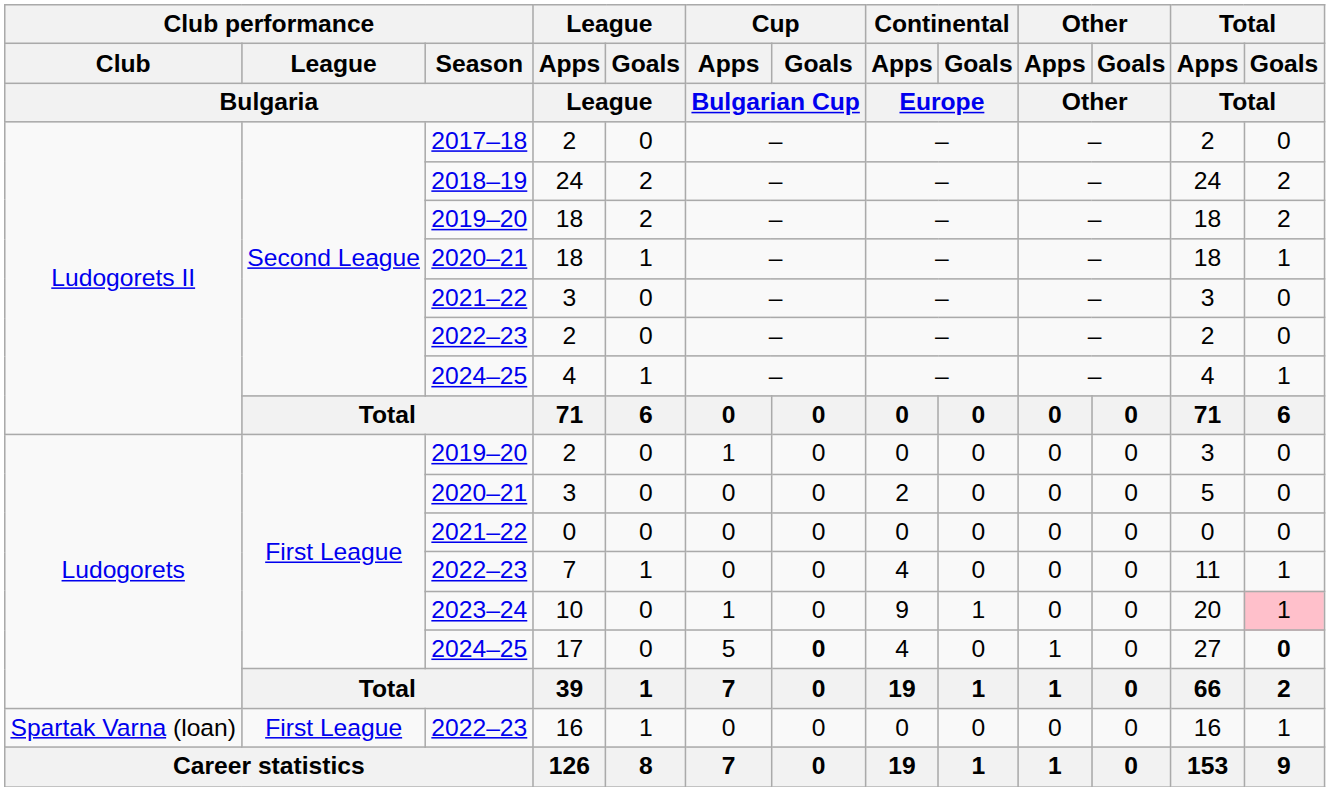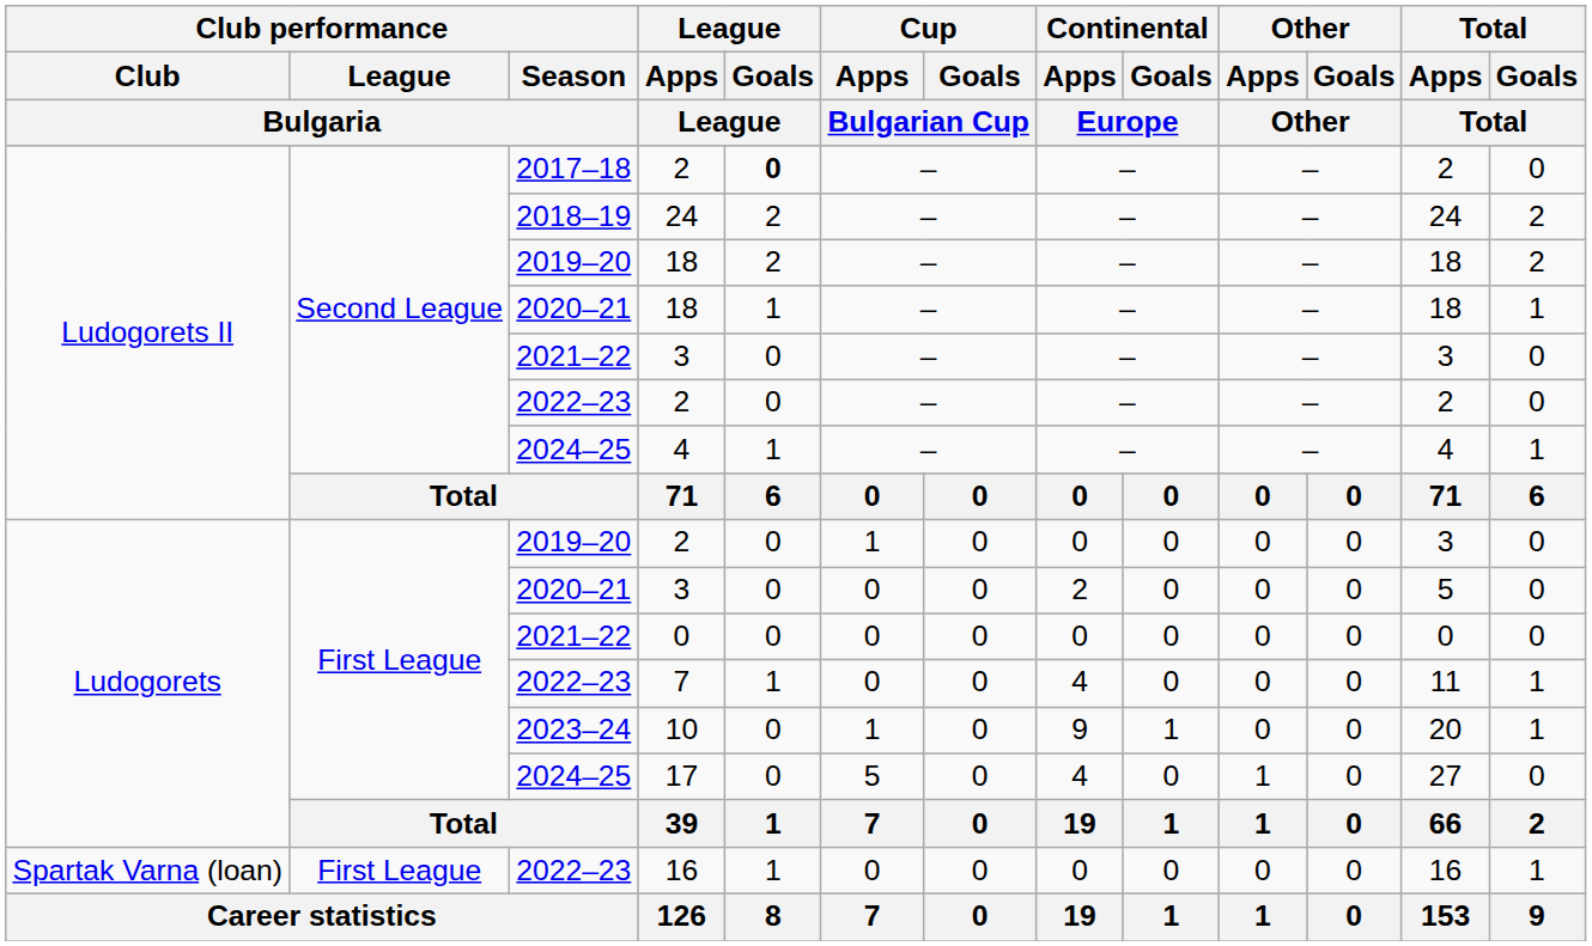 <table class="wikitable" style="text-align: center">
 <tr>
 <th colspan="3">Club performance</th>
 <th colspan="2">League</th>
 <th colspan="2">Cup</th>
 <th colspan="2">Continental</th>
 <th colspan="2">Other</th>
 <th colspan="3">Total</th>
 </tr>
 <tr>
 <th>Club</th>
 <th>League</th>
 <th>Season</th>
 <th>Apps</th>
 <th>Goals</th>
 <th>Apps</th>
 <th>Goals</th>
 <th>Apps</th>
 <th>Goals</th>
 <th>Apps</th>
 <th>Goals</th>
 <th>Apps</th>
 <th>Goals</th>
 </tr>
 <tr>
 <th colspan="3">Bulgaria</th>
 <th colspan="2">League</th>
 <th colspan="2"><a href='#'>Bulgarian Cup</a></th>
 <th colspan="2"><a href='#'>Europe</a></th>
 <th colspan="2">Other</th>
 <th colspan="2">Total</th>
 </tr>
 <tr>
 <td rowspan="8" valign="center"><a href='#'>Ludogorets II</a></td>
 <td rowspan="7"><a href='#'>Second League</a></td>
 <td><a href='#'>2017–18</a></td>
 <td>2</td>
-<td>0</td>
+<td><strong>0</strong></td>
 <td colspan="2">–</td>
 <td colspan="2">–</td>
 <td colspan="2">–</td>
 <td>2</td>
 <td>0</td>
 </tr>
 <tr>
 <td><a href='#'>2018–19</a></td>
 <td>24</td>
 <td>2</td>
 <td colspan="2">–</td>
 <td colspan="2">–</td>
 <td colspan="2">–</td>
 <td>24</td>
 <td>2</td>
 </tr>
 <tr>
 <td><a href='#'>2019–20</a></td>
 <td>18</td>
 <td>2</td>
 <td colspan="2">–</td>
 <td colspan="2">–</td>
 <td colspan="2">–</td>
 <td>18</td>
 <td>2</td>
 </tr>
 <tr>
 <td><a href='#'>2020–21</a></td>
 <td>18</td>
 <td>1</td>
 <td colspan="2">–</td>
 <td colspan="2">–</td>
 <td colspan="2">–</td>
 <td>18</td>
 <td>1</td>
 </tr>
 <tr>
 <td><a href='#'>2021–22</a></td>
 <td>3</td>
 <td>0</td>
 <td colspan="2">–</td>
 <td colspan="2">–</td>
 <td colspan="2">–</td>
 <td>3</td>
 <td>0</td>
 </tr>
 <tr>
 <td><a href='#'>2022–23</a></td>
 <td>2</td>
 <td>0</td>
 <td colspan="2">–</td>
 <td colspan="2">–</td>
 <td colspan="2">–</td>
 <td>2</td>
 <td>0</td>
 </tr>
 <tr>
 <td><a href='#'>2024–25</a></td>
 <td>4</td>
 <td>1</td>
 <td colspan="2">–</td>
 <td colspan="2">–</td>
 <td colspan="2">–</td>
 <td>4</td>
 <td>1</td>
 </tr>
 <tr>
 <th colspan=2>Total</th>
 <th>71</th>
 <th>6</th>
 <th>0</th>
 <th>0</th>
 <th>0</th>
 <th>0</th>
 <th>0</th>
 <th>0</th>
 <th>71</th>
 <th>6</th>
 </tr>
 <tr>
 <td rowspan="7" valign="center"><a href='#'>Ludogorets</a></td>
 <td rowspan="6"><a href='#'>First League</a></td>
 <td><a href='#'>2019–20</a></td>
 <td>2</td>
 <td>0</td>
 <td>1</td>
 <td>0</td>
 <td>0</td>
 <td>0</td>
 <td>0</td>
 <td>0</td>
 <td>3</td>
 <td>0</td>
 </tr>
 <tr>
 <td><a href='#'>2020–21</a></td>
 <td>3</td>
 <td>0</td>
 <td>0</td>
 <td>0</td>
 <td>2</td>
 <td>0</td>
 <td>0</td>
 <td>0</td>
 <td>5</td>
 <td>0</td>
 </tr>
 <tr>
 <td><a href='#'>2021–22</a></td>
 <td>0</td>
 <td>0</td>
 <td>0</td>
 <td>0</td>
 <td>0</td>
 <td>0</td>
 <td>0</td>
 <td>0</td>
 <td>0</td>
 <td>0</td>
 </tr>
 <tr>
 <td><a href='#'>2022–23</a></td>
 <td>7</td>
 <td>1</td>
 <td>0</td>
 <td>0</td>
 <td>4</td>
 <td>0</td>
 <td>0</td>
 <td>0</td>
 <td>11</td>
 <td>1</td>
 </tr>
 <tr>
 <td><a href='#'>2023–24</a></td>
 <td>10</td>
 <td>0</td>
 <td>1</td>
 <td>0</td>
 <td>9</td>
 <td>1</td>
 <td>0</td>
 <td>0</td>
 <td>20</td>
-<td style="background: pink;">1</td>
+<td>1</td>
 </tr>
 <tr>
 <td><a href='#'>2024–25</a></td>
 <td>17</td>
 <td>0</td>
 <td>5</td>
-<td><strong>0</strong></td>
+<td>0</td>
 <td>4</td>
 <td>0</td>
 <td>1</td>
 <td>0</td>
 <td>27</td>
-<td><strong>0</strong></td>
+<td>0</td>
 </tr>
 <tr>
 <th colspan=2>Total</th>
 <th>39</th>
 <th>1</th>
 <th>7</th>
 <th>0</th>
 <th>19</th>
 <th>1</th>
 <th>1</th>
 <th>0</th>
 <th>66</th>
 <th>2</th>
 </tr>
 <tr>
 <td rowspan="1" valign="center"><a href='#'>Spartak Varna</a> (loan)</td>
 <td rowspan="1"><a href='#'>First League</a></td>
 <td><a href='#'>2022–23</a></td>
 <td>16</td>
 <td>1</td>
 <td>0</td>
 <td>0</td>
 <td>0</td>
 <td>0</td>
 <td>0</td>
 <td>0</td>
 <td>16</td>
 <td>1</td>
 </tr>
 <tr>
 <th colspan="3">Career statistics</th>
 <th>126</th>
 <th>8</th>
 <th>7</th>
 <th>0</th>
 <th>19</th>
 <th>1</th>
 <th>1</th>
 <th>0</th>
 <th>153</th>
 <th>9</th>
 </tr>
 </table>
